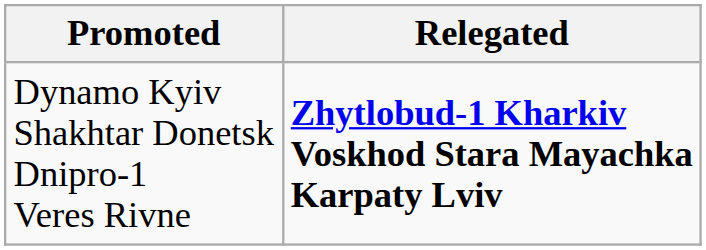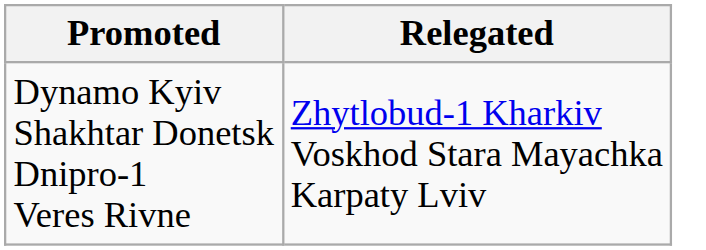 <table class="wikitable">
 <tr>
 <th>Promoted</th>
 <th>Relegated</th>
 </tr>
 <tr>
 <td>Dynamo Kyiv<br>Shakhtar Donetsk<br>Dnipro-1<br>Veres Rivne</td>
-<td><strong><a href='#'>Zhytlobud-1 Kharkiv</a> <br>Voskhod Stara Mayachka <br>Karpaty Lviv </strong></td>
+<td><a href='#'>Zhytlobud-1 Kharkiv</a> <br>Voskhod Stara Mayachka <br>Karpaty Lviv </td>
 </tr>
 </table>
